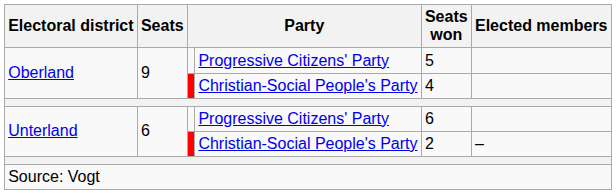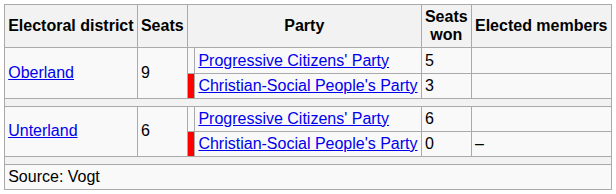 <table class="wikitable">
 <tr>
 <th>Electoral district</th>
 <th>Seats</th>
 <th colspan="2">Party</th>
 <th>Seats<br>won</th>
 <th>Elected members</th>
 </tr>
 <tr>
 <td rowspan="2"><a href='#'>Oberland</a></td>
 <td rowspan="2">9</td>
 <td></td>
 <td><a href='#'>Progressive Citizens' Party</a></td>
 <td>5</td>
 <td></td>
 </tr>
 <tr>
 <td style="color:inherit;background:#FF0000"></td>
 <td><a href='#'>Christian-Social People's Party</a></td>
-<td>4</td>
+<td>3</td>
 <td></td>
 </tr>
 <tr>
 <th colspan="6"></th>
 </tr>
 <tr>
 <td rowspan="2"><a href='#'>Unterland</a></td>
 <td rowspan="2">6</td>
 <td></td>
 <td><a href='#'>Progressive Citizens' Party</a></td>
 <td>6</td>
 <td></td>
 </tr>
 <tr>
 <td style="color:inherit;background:#FF0000"></td>
 <td><a href='#'>Christian-Social People's Party</a></td>
-<td>2</td>
+<td>0</td>
 <td>–</td>
 </tr>
 <tr>
 <th colspan="6"></th>
 </tr>
 <tr>
 <td colspan="6">Source: Vogt</td>
 </tr>
 </table>
